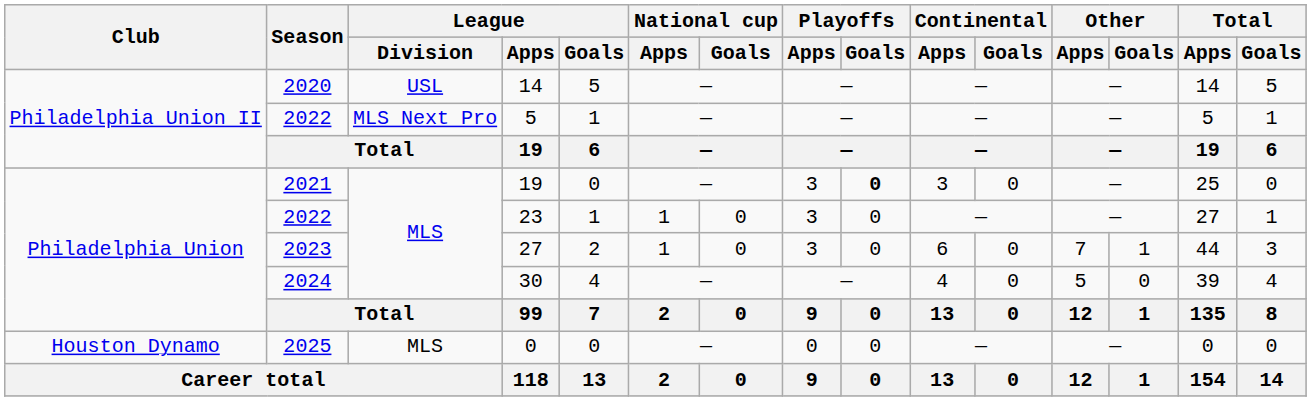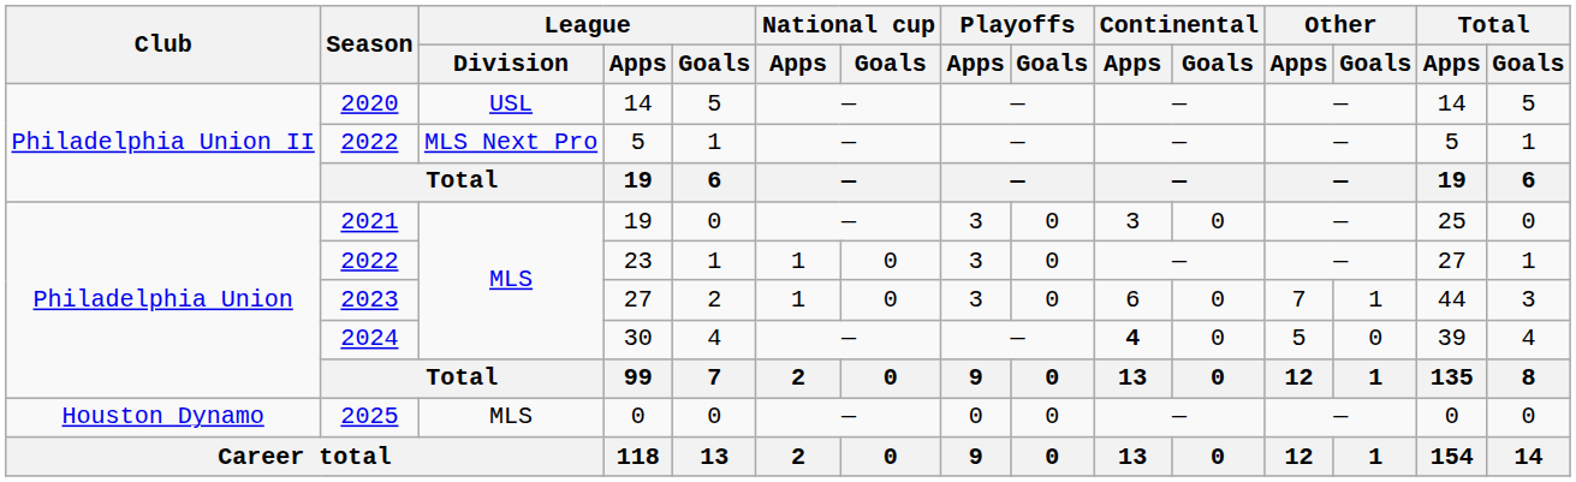 <table class=wikitable style=text-align:center>
 <tr>
 <th rowspan=2>Club</th>
 <th rowspan=2>Season</th>
 <th colspan=3>League</th>
 <th colspan=2>National cup</th>
 <th colspan=2>Playoffs</th>
 <th colspan=2>Continental</th>
 <th colspan=2>Other</th>
 <th colspan=2>Total</th>
 </tr>
 <tr>
 <th>Division</th>
 <th>Apps</th>
 <th>Goals</th>
 <th>Apps</th>
 <th>Goals</th>
 <th>Apps</th>
 <th>Goals</th>
 <th>Apps</th>
 <th>Goals</th>
 <th>Apps</th>
 <th>Goals</th>
 <th>Apps</th>
 <th>Goals</th>
 </tr>
 <tr>
 <td rowspan=3><a href='#'>Philadelphia Union II</a></td>
 <td><a href='#'>2020</a></td>
 <td><a href='#'>USL</a></td>
 <td>14</td>
 <td>5</td>
 <td colspan=2>—</td>
 <td colspan=2>—</td>
 <td colspan=2>—</td>
 <td colspan=2>—</td>
 <td>14</td>
 <td>5</td>
 </tr>
 <tr>
 <td><a href='#'>2022</a></td>
 <td><a href='#'>MLS Next Pro</a></td>
 <td>5</td>
 <td>1</td>
 <td colspan=2>—</td>
 <td colspan=2>—</td>
 <td colspan=2>—</td>
 <td colspan=2>—</td>
 <td>5</td>
 <td>1</td>
 </tr>
 <tr>
 <th colspan=2>Total</th>
 <th>19</th>
 <th>6</th>
 <th colspan=2>—</th>
 <th colspan=2>—</th>
 <th colspan=2>—</th>
 <th colspan=2>—</th>
 <th>19</th>
 <th>6</th>
 </tr>
 <tr>
 <td rowspan=5><a href='#'>Philadelphia Union</a></td>
 <td><a href='#'>2021</a></td>
 <td rowspan=4><a href='#'>MLS</a></td>
 <td>19</td>
 <td>0</td>
 <td colspan=2>—</td>
 <td>3</td>
-<td><strong>0</strong></td>
+<td>0</td>
 <td>3</td>
 <td>0</td>
 <td colspan=2>—</td>
 <td>25</td>
 <td>0</td>
 </tr>
 <tr>
 <td><a href='#'>2022</a></td>
 <td>23</td>
 <td>1</td>
 <td>1</td>
 <td>0</td>
 <td>3</td>
 <td>0</td>
 <td colspan=2>—</td>
 <td colspan=2>—</td>
 <td>27</td>
 <td>1</td>
 </tr>
 <tr>
 <td><a href='#'>2023</a></td>
 <td>27</td>
 <td>2</td>
 <td>1</td>
 <td>0</td>
 <td>3</td>
 <td>0</td>
 <td>6</td>
 <td>0</td>
 <td>7</td>
 <td>1</td>
 <td>44</td>
 <td>3</td>
 </tr>
 <tr>
 <td><a href='#'>2024</a></td>
 <td>30</td>
 <td>4</td>
 <td colspan=2>—</td>
 <td colspan=2>—</td>
-<td>4</td>
+<td><strong>4</strong></td>
 <td>0</td>
 <td>5</td>
 <td>0</td>
 <td>39</td>
 <td>4</td>
 </tr>
 <tr>
 <th colspan=2>Total</th>
 <th>99</th>
 <th>7</th>
 <th>2</th>
 <th>0</th>
 <th>9</th>
 <th>0</th>
 <th>13</th>
 <th>0</th>
 <th>12</th>
 <th>1</th>
 <th>135</th>
 <th>8</th>
 </tr>
 <tr>
 <td rowspan=1><a href='#'>Houston Dynamo</a></td>
 <td><a href='#'>2025</a></td>
 <td>MLS</td>
 <td>0</td>
 <td>0</td>
 <td colspan=2>—</td>
 <td>0</td>
 <td>0</td>
 <td colspan=2>—</td>
 <td colspan=2>—</td>
 <td>0</td>
 <td>0</td>
 </tr>
 <tr>
 <th colspan=3>Career total</th>
 <th>118</th>
 <th>13</th>
 <th>2</th>
 <th>0</th>
 <th>9</th>
 <th>0</th>
 <th>13</th>
 <th>0</th>
 <th>12</th>
 <th>1</th>
 <th>154</th>
 <th>14</th>
 </tr>
 </table>
